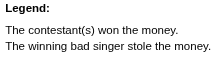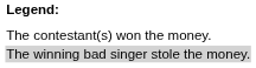 <table class="toccolours" style="font-size:100%; white-space:nowrap;">
 <tr>
 <td><strong>Legend:</strong></td>
 <td>      </td>
 </tr>
 <tr>
 <td></td>
 </tr>
 <tr>
 <td></td>
 </tr>
 <tr>
 <td> The contestant(s) won the money.</td>
 </tr>
 <tr>
-<td> The winning bad singer stole the money.</td>
+<td style="background: lightgrey;"> The winning bad singer stole the money.</td>
 </tr>
 </table>
